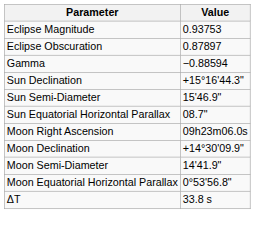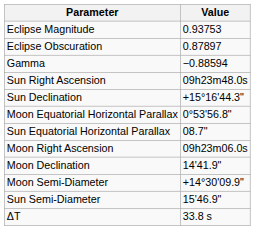 <table class="wikitable">
 <tr>
 <th>Parameter</th>
 <th>Value</th>
 </tr>
 <tr>
 <td>Eclipse Magnitude</td>
 <td>0.93753</td>
 </tr>
 <tr>
 <td>Eclipse Obscuration</td>
 <td>0.87897</td>
 </tr>
 <tr>
 <td>Gamma</td>
 <td>−0.88594</td>
 </tr>
 <tr>
+<td>Sun Right Ascension</td>
+<td>09h23m48.0s</td>
+</tr>
+<tr>
 <td>Sun Declination</td>
 <td>+15°16'44.3"</td>
 </tr>
 <tr>
-<td>Sun Semi-Diameter</td>
-<td>15'46.9"</td>
+<td>Moon Equatorial Horizontal Parallax</td>
+<td>0°53'56.8"</td>
 </tr>
 <tr>
 <td>Sun Equatorial Horizontal Parallax</td>
 <td>08.7"</td>
 </tr>
 <tr>
 <td>Moon Right Ascension</td>
 <td>09h23m06.0s</td>
 </tr>
 <tr>
 <td>Moon Declination</td>
+<td>14'41.9"</td>
+</tr>
+<tr>
+<td>Moon Semi-Diameter</td>
 <td>+14°30'09.9"</td>
 </tr>
 <tr>
-<td>Moon Semi-Diameter</td>
-<td>14'41.9"</td>
-</tr>
-<tr>
-<td>Moon Equatorial Horizontal Parallax</td>
-<td>0°53'56.8"</td>
+<td>Sun Semi-Diameter</td>
+<td>15'46.9"</td>
 </tr>
 <tr>
 <td>ΔT</td>
 <td>33.8 s</td>
 </tr>
 </table>
